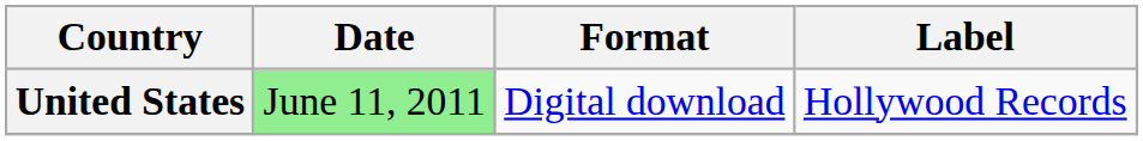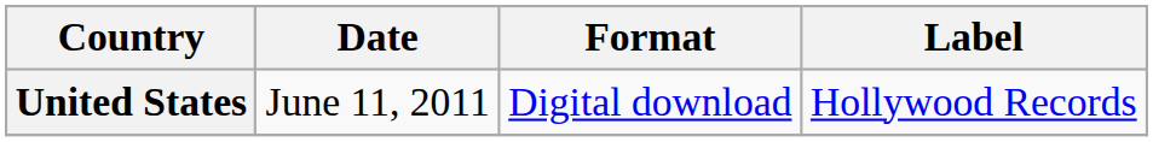 <table class="wikitable plainrowheaders">
 <tr>
 <th scope="col">Country</th>
 <th scope="col">Date</th>
 <th scope="col">Format</th>
 <th scope="col">Label</th>
 </tr>
 <tr>
 <th scope="row">United States</th>
-<td style="background: lightgreen;">June 11, 2011</td>
+<td>June 11, 2011</td>
 <td><a href='#'>Digital download</a></td>
 <td><a href='#'>Hollywood Records</a></td>
 </tr>
 <tr>
 </tr>
 </table>
